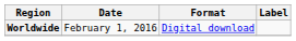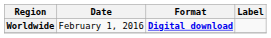 <table class="wikitable plainrowheaders">
 <tr>
 <th>Region</th>
 <th>Date</th>
 <th>Format</th>
 <th>Label</th>
 </tr>
 <tr>
 <th scope="row">Worldwide</th>
 <td>February 1, 2016</td>
-<td><a href='#'>Digital download</a></td>
+<td><strong><a href='#'>Digital download</a></strong></td>
 <td></td>
 </tr>
 <tr>
 </tr>
 </table>
